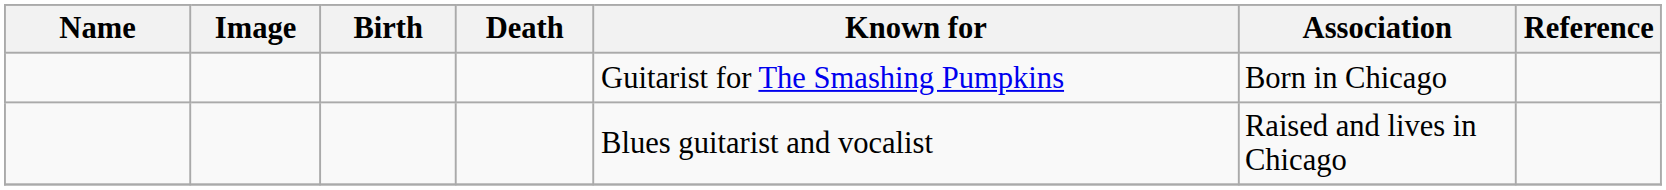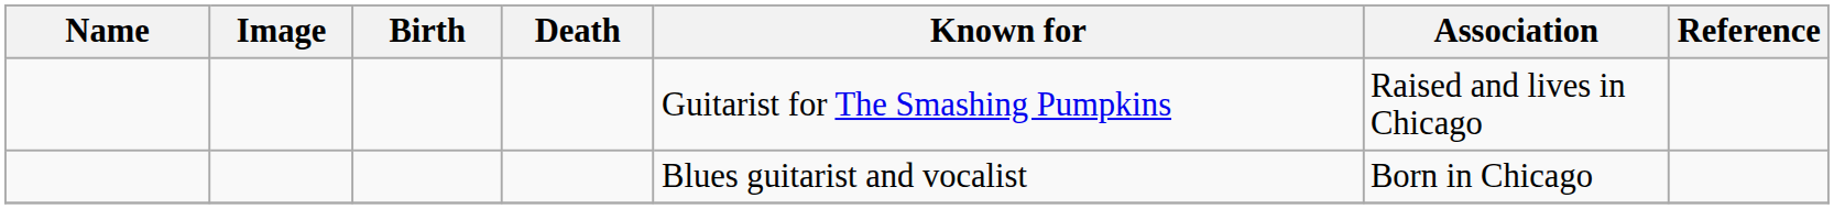 <table class="wikitable sortable">
 <tr>
 <th scope="col" width="140">Name</th>
 <th scope="col" width="80" class="unsortable">Image</th>
 <th scope="col" width="90">Birth</th>
 <th scope="col" width="90">Death</th>
 <th scope="col" width="600" class="unsortable">Known for</th>
 <th scope="col" width="200" class="unsortable">Association</th>
 <th scope="col" width="30" class="unsortable">Reference</th>
 </tr>
 <tr>
 <td></td>
 <td></td>
 <td align=right></td>
 <td></td>
 <td>Guitarist for <a href='#'>The Smashing Pumpkins</a></td>
-<td>Born in Chicago</td>
+<td>Raised and lives in Chicago</td>
 <td align="center"></td>
 </tr>
 <tr>
 <td></td>
 <td></td>
 <td align=right></td>
 <td></td>
 <td>Blues guitarist and vocalist</td>
-<td>Raised and lives in Chicago</td>
+<td>Born in Chicago</td>
 <td align="center"></td>
 </tr>
 <tr>
 </tr>
 </table>
